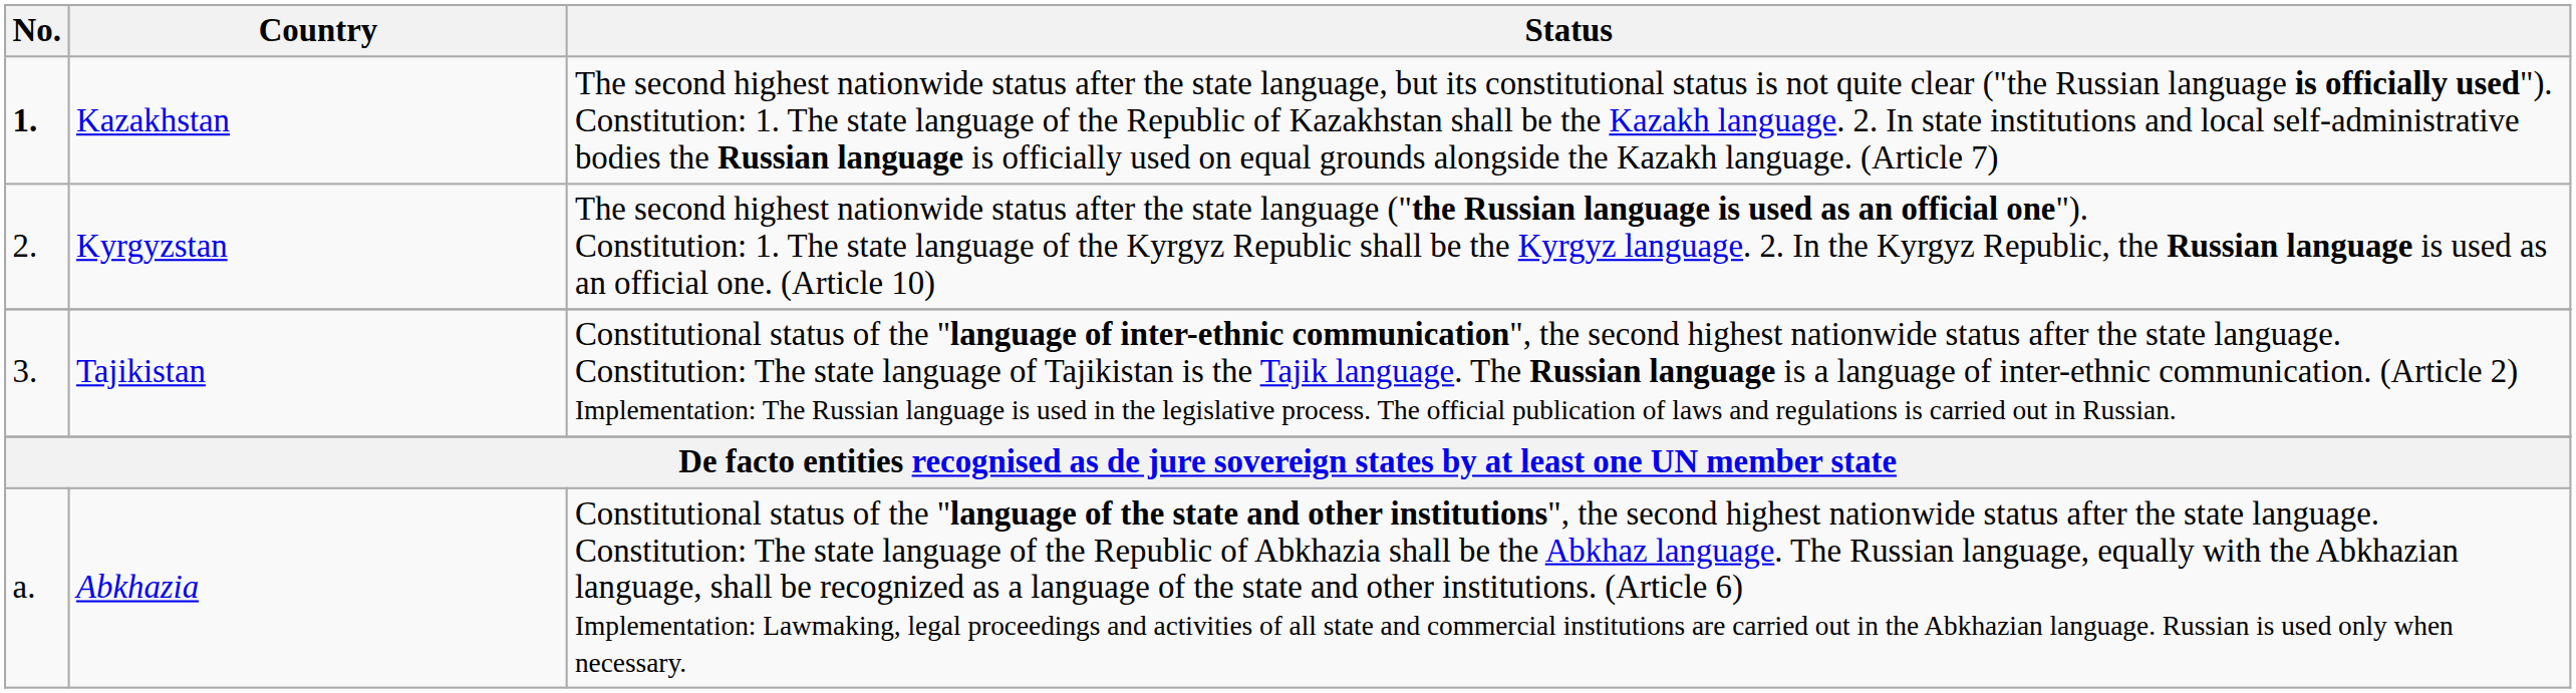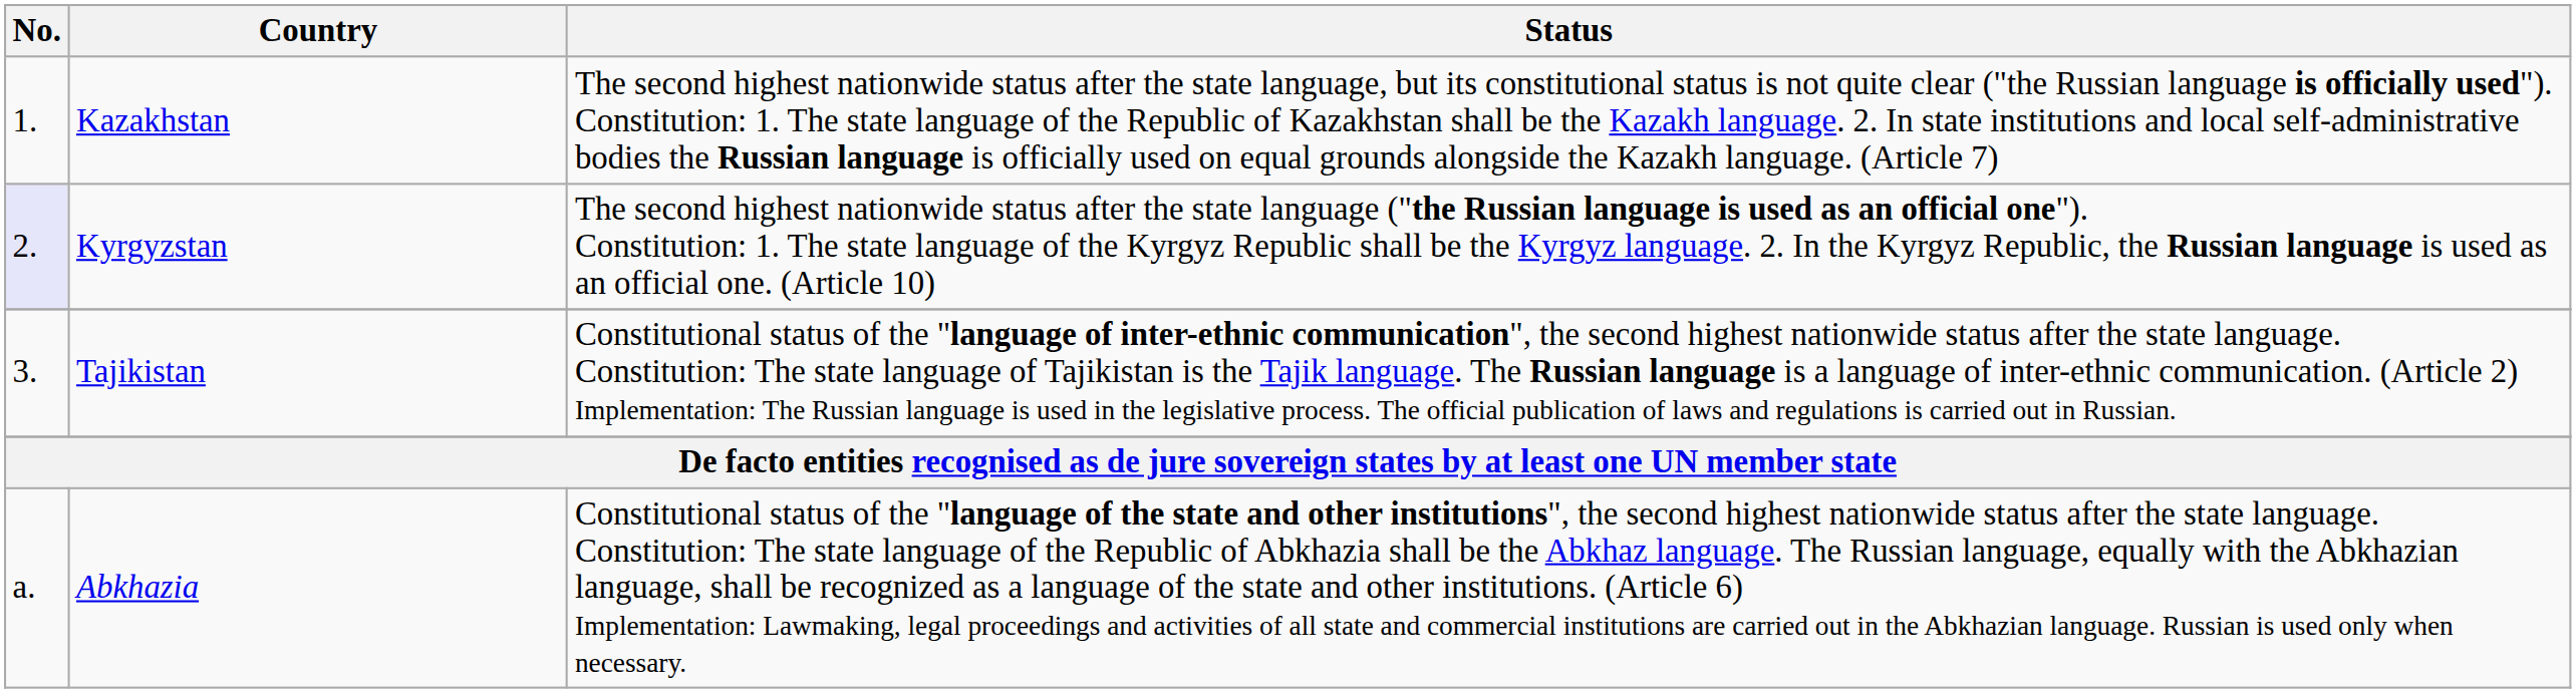 <table class="wikitable sortable">
 <tr>
 <th scope="col">No.</th>
 <th width=235 scope="col">Country</th>
 <th scope="col">Status</th>
 </tr>
 <tr>
-<td><strong>1.</strong></td>
+<td>1.</td>
 <td><a href='#'>Kazakhstan</a></td>
 <td>The second highest nationwide status after the state language, but its constitutional status is not quite clear ("the Russian language <strong>is officially used</strong>").<br>Constitution: 1. The state language of the Republic of Kazakhstan shall be the <a href='#'>Kazakh language</a>. 2. In state institutions and local self-administrative bodies the <strong>Russian language</strong> is officially used on equal grounds alongside the Kazakh language. (Article 7)<br></td>
 </tr>
 <tr>
-<td>2.</td>
+<td style="background: lavender;">2.</td>
 <td><a href='#'>Kyrgyzstan</a></td>
 <td>The second highest nationwide status after the state language ("<strong>the Russian language is used as an official one</strong>").<br>Constitution: 1. The state language of the Kyrgyz Republic shall be the <a href='#'>Kyrgyz language</a>. 2. In the Kyrgyz Republic, the <strong>Russian language</strong> is used as an official one. (Article 10)</td>
 </tr>
 <tr>
 </tr>
 <tr>
 <td>3.</td>
 <td><a href='#'>Tajikistan</a></td>
 <td>Constitutional status of the "<strong>language of inter-ethnic communication</strong>", the second highest nationwide status after the state language.<br>Constitution: The state language of Tajikistan is the <a href='#'>Tajik language</a>. The <strong>Russian language</strong> is a language of inter-ethnic communication. (Article 2)<br><small>Implementation: The Russian language is used in the legislative process. The official publication of laws and regulations is carried out in Russian.</small></td>
 </tr>
 <tr>
 </tr>
 <tr>
 <th colspan="3">De facto entities <a href='#'>recognised as de jure sovereign states by at least one UN member state</a></th>
 </tr>
 <tr>
 <td>a.</td>
 <td><em><a href='#'>Abkhazia</a></em></td>
 <td>Constitutional status of the "<strong>language of the state and other institutions</strong>", the second highest nationwide status after the state language.<br>Constitution: The state language of the Republic of Abkhazia shall be the <a href='#'>Abkhaz language</a>. The Russian language, equally with the Abkhazian language, shall be recognized as a language of the state and other institutions. (Article 6)<br><small>Implementation: Lawmaking, legal proceedings and activities of all state and commercial institutions are carried out in the Abkhazian language. Russian is used only when necessary.</small></td>
 </tr>
 </table>
